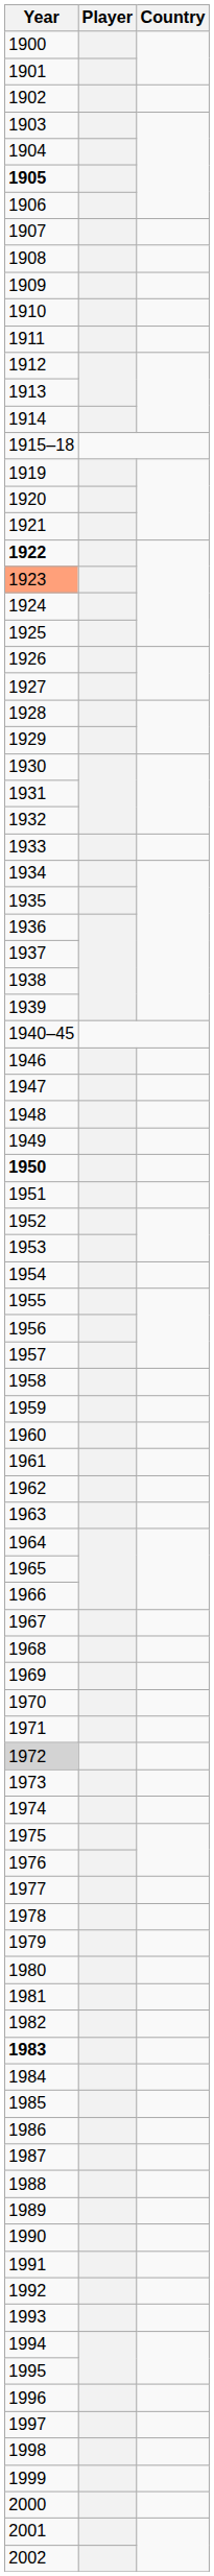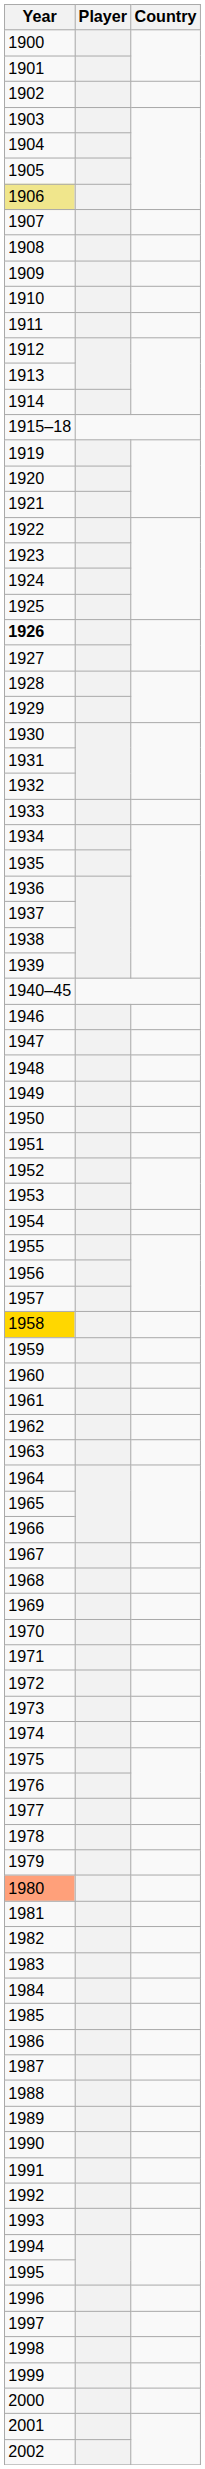 <table class="wikitable sortable plainrowheaders">
 <tr bgcolor="#efefef">
 <th>Year</th>
 <th>Player</th>
 <th>Country</th>
 </tr>
 <tr>
 <td>1900</td>
 <th scope="row"></th>
 <td rowspan="2"></td>
 </tr>
 <tr>
 <td>1901</td>
 <th scope="row"></th>
 </tr>
 <tr>
 <td>1902</td>
 <th scope="row"></th>
 <td></td>
 </tr>
 <tr>
 <td>1903</td>
 <th scope="row"></th>
 <td rowspan="4"></td>
 </tr>
 <tr>
 <td>1904</td>
 <th scope="row"></th>
 </tr>
 <tr>
-<td><strong>1905</strong></td>
+<td>1905</td>
 <th scope="row"></th>
 </tr>
 <tr>
-<td>1906</td>
+<td style="background: khaki;">1906</td>
 <th scope="row"></th>
 </tr>
 <tr>
 <td>1907</td>
 <th scope="row"></th>
 <td></td>
 </tr>
 <tr>
 <td>1908</td>
 <th scope="row"></th>
 <td></td>
 </tr>
 <tr>
 <td>1909</td>
 <th scope="row"></th>
 <td></td>
 </tr>
 <tr>
 <td>1910</td>
 <th scope="row"></th>
 <td></td>
 </tr>
 <tr>
 <td>1911</td>
 <th scope="row"></th>
 <td></td>
 </tr>
 <tr>
 <td>1912</td>
 <th rowspan="2" scope="row"></th>
 <td rowspan="3"></td>
 </tr>
 <tr>
 <td>1913</td>
 </tr>
 <tr>
 <td>1914</td>
 <th scope="row"></th>
 </tr>
 <tr>
 <td>1915–18</td>
 <td colspan="2"></td>
 </tr>
 <tr>
 <td>1919</td>
 <th scope="row"></th>
 <td rowspan="3"></td>
 </tr>
 <tr>
 <td>1920</td>
 <th scope="row"></th>
 </tr>
 <tr>
 <td>1921</td>
 <th scope="row"></th>
 </tr>
 <tr>
-<td><strong>1922</strong></td>
+<td>1922</td>
 <th scope="row"></th>
 <td rowspan="4"></td>
 </tr>
 <tr>
-<td style="background: lightsalmon;">1923</td>
+<td>1923</td>
 <th scope="row"></th>
 </tr>
 <tr>
 <td>1924</td>
 <th scope="row"></th>
 </tr>
 <tr>
 <td>1925</td>
 <th scope="row"></th>
 </tr>
 <tr>
-<td>1926</td>
+<td><strong>1926</strong></td>
 <th scope="row"></th>
 <td rowspan="2"></td>
 </tr>
 <tr>
 <td>1927</td>
 <th scope="row"></th>
 </tr>
 <tr>
 <td>1928</td>
 <th scope="row"></th>
 <td rowspan="2"></td>
 </tr>
 <tr>
 <td>1929</td>
 <th scope="row"></th>
 </tr>
 <tr>
 <td>1930</td>
 <th rowspan="3" scope="row"></th>
 <td rowspan="3"></td>
 </tr>
 <tr>
 <td>1931</td>
 </tr>
 <tr>
 <td>1932</td>
 </tr>
 <tr>
 <td>1933</td>
 <th scope="row"></th>
 <td></td>
 </tr>
 <tr>
 <td>1934</td>
 <th scope="row"></th>
 <td rowspan="6"></td>
 </tr>
 <tr>
 <td>1935</td>
 <th scope="row"></th>
 </tr>
 <tr>
 <td>1936</td>
 <th rowspan="4" scope="row"></th>
 </tr>
 <tr>
 <td>1937</td>
 </tr>
 <tr>
 <td>1938</td>
 </tr>
 <tr>
 <td>1939</td>
 </tr>
 <tr>
 <td>1940–45</td>
 <td colspan="2" class="sortbottom"></td>
 </tr>
 <tr>
 <td>1946</td>
 <th scope="row"></th>
 <td></td>
 </tr>
 <tr>
 <td>1947</td>
 <th scope="row"></th>
 <td></td>
 </tr>
 <tr>
 <td>1948</td>
 <th scope="row"></th>
 <td></td>
 </tr>
 <tr>
 <td>1949</td>
 <th scope="row"></th>
 <td></td>
 </tr>
 <tr>
-<td><strong>1950</strong></td>
+<td>1950</td>
 <th scope="row"></th>
 <td></td>
 </tr>
 <tr>
 <td>1951</td>
 <th scope="row"></th>
 <td></td>
 </tr>
 <tr>
 <td>1952</td>
 <th scope="row"></th>
 <td rowspan="2"></td>
 </tr>
 <tr>
 <td>1953</td>
 <th scope="row"></th>
 </tr>
 <tr>
 <td>1954</td>
 <th scope="row"></th>
 <td></td>
 </tr>
 <tr>
 <td>1955</td>
 <th scope="row"></th>
 <td rowspan="3"></td>
 </tr>
 <tr>
 <td>1956</td>
 <th scope="row"></th>
 </tr>
 <tr>
 <td>1957</td>
 <th scope="row"></th>
 </tr>
 <tr>
-<td>1958</td>
+<td style="background: gold;">1958</td>
 <th scope="row"></th>
 <td></td>
 </tr>
 <tr>
 <td>1959</td>
 <th scope="row"></th>
 <td></td>
 </tr>
 <tr>
 <td>1960</td>
 <th scope="row"></th>
 <td></td>
 </tr>
 <tr>
 <td>1961</td>
 <th scope="row"></th>
 <td></td>
 </tr>
 <tr>
 <td>1962</td>
 <th scope="row"></th>
 <td></td>
 </tr>
 <tr>
 <td>1963</td>
 <th scope="row"></th>
 <td></td>
 </tr>
 <tr>
 <td>1964</td>
 <th rowspan="3" scope="row"></th>
 <td rowspan="3"></td>
 </tr>
 <tr>
 <td>1965</td>
 </tr>
 <tr>
 <td>1966</td>
 </tr>
 <tr>
 <td>1967</td>
 <th scope="row"></th>
 <td></td>
 </tr>
 <tr>
 <td>1968</td>
 <th scope="row"></th>
 <td></td>
 </tr>
 <tr>
 <td>1969</td>
 <th scope="row"></th>
 <td></td>
 </tr>
 <tr>
 <td>1970</td>
 <th scope="row"></th>
 <td></td>
 </tr>
 <tr>
 <td>1971</td>
 <th scope="row"></th>
 <td></td>
 </tr>
 <tr>
-<td style="background: lightgrey;">1972</td>
+<td>1972</td>
 <th scope="row"></th>
 <td></td>
 </tr>
 <tr>
 <td>1973</td>
 <th scope="row"></th>
 <td></td>
 </tr>
 <tr>
 <td>1974</td>
 <th scope="row"></th>
 <td></td>
 </tr>
 <tr>
 <td>1975</td>
 <th scope="row"></th>
 <td rowspan="2"></td>
 </tr>
 <tr>
 <td>1976</td>
 <th scope="row"></th>
 </tr>
 <tr>
 <td>1977</td>
 <th scope="row"></th>
 <td></td>
 </tr>
 <tr>
 <td>1978</td>
 <th scope="row"></th>
 <td></td>
 </tr>
 <tr>
 <td>1979</td>
 <th scope="row"></th>
 <td></td>
 </tr>
 <tr>
-<td>1980</td>
+<td style="background: lightsalmon;">1980</td>
 <th scope="row"></th>
 <td></td>
 </tr>
 <tr>
 <td>1981</td>
 <th scope="row"></th>
 <td></td>
 </tr>
 <tr>
 <td>1982</td>
 <th scope="row"></th>
 <td></td>
 </tr>
 <tr>
-<td><strong>1983</strong></td>
+<td>1983</td>
 <th scope="row"></th>
 <td></td>
 </tr>
 <tr>
 <td>1984</td>
 <th scope="row"></th>
 <td></td>
 </tr>
 <tr>
 <td>1985</td>
 <th scope="row"></th>
 <td></td>
 </tr>
 <tr>
 <td>1986</td>
 <th scope="row"></th>
 <td></td>
 </tr>
 <tr>
 <td>1987</td>
 <th scope="row"></th>
 <td></td>
 </tr>
 <tr>
 <td>1988</td>
 <th scope="row"></th>
 <td></td>
 </tr>
 <tr>
 <td>1989</td>
 <th scope="row"></th>
 <td></td>
 </tr>
 <tr>
 <td>1990</td>
 <th scope="row"></th>
 <td></td>
 </tr>
 <tr>
 <td>1991</td>
 <th scope="row"></th>
 <td></td>
 </tr>
 <tr>
 <td>1992</td>
 <th scope="row"></th>
 <td></td>
 </tr>
 <tr>
 <td>1993</td>
 <th scope="row"></th>
 <td></td>
 </tr>
 <tr>
 <td>1994</td>
 <th rowspan="2" scope="row"></th>
 <td rowspan="2"></td>
 </tr>
 <tr>
 <td>1995</td>
 </tr>
 <tr>
 <td>1996</td>
 <th scope="row"></th>
 <td></td>
 </tr>
 <tr>
 <td>1997</td>
 <th scope="row"></th>
 <td></td>
 </tr>
 <tr>
 <td>1998</td>
 <th scope="row"></th>
 <td></td>
 </tr>
 <tr>
 <td>1999</td>
 <th scope="row"></th>
 <td></td>
 </tr>
 <tr>
 <td>2000</td>
 <th scope="row"></th>
 <td></td>
 </tr>
 <tr>
 <td>2001</td>
 <th scope="row"></th>
 <td rowspan="2"></td>
 </tr>
 <tr>
 <td>2002</td>
 <th scope="row"></th>
 </tr>
 </table>
